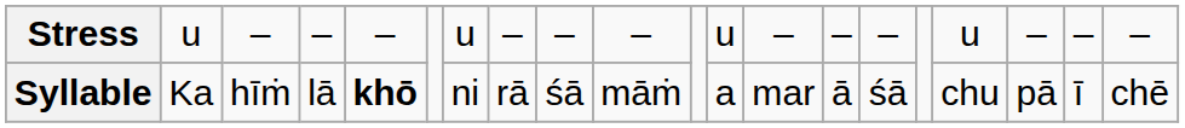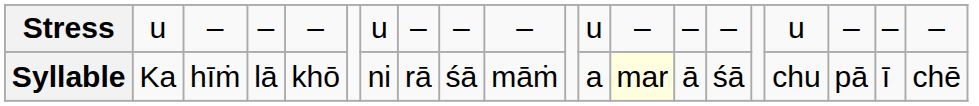 <table class="wikitable">
 <tr style="text-align:center;">
 <th>Stress</th>
 <td>u</td>
 <td>–</td>
 <td>–</td>
 <td>–</td>
 <td rowspan="2"></td>
 <td>u</td>
 <td>–</td>
 <td>–</td>
 <td>–</td>
 <td rowspan="2"></td>
 <td>u</td>
 <td>–</td>
 <td>–</td>
 <td>–</td>
 <td rowspan="2"></td>
 <td>u</td>
 <td>–</td>
 <td>–</td>
 <td>–</td>
 </tr>
 <tr>
 <th>Syllable</th>
 <td>Ka</td>
 <td>hīṁ</td>
 <td>lā</td>
-<td><strong>khō</strong></td>
+<td>khō</td>
 <td>ni</td>
 <td>rā</td>
 <td>śā</td>
 <td>māṁ</td>
 <td>a</td>
-<td>mar</td>
+<td style="background: lightyellow;">mar</td>
 <td>ā</td>
 <td>śā</td>
 <td>chu</td>
 <td>pā</td>
 <td>ī</td>
 <td>chē</td>
 </tr>
 </table>
